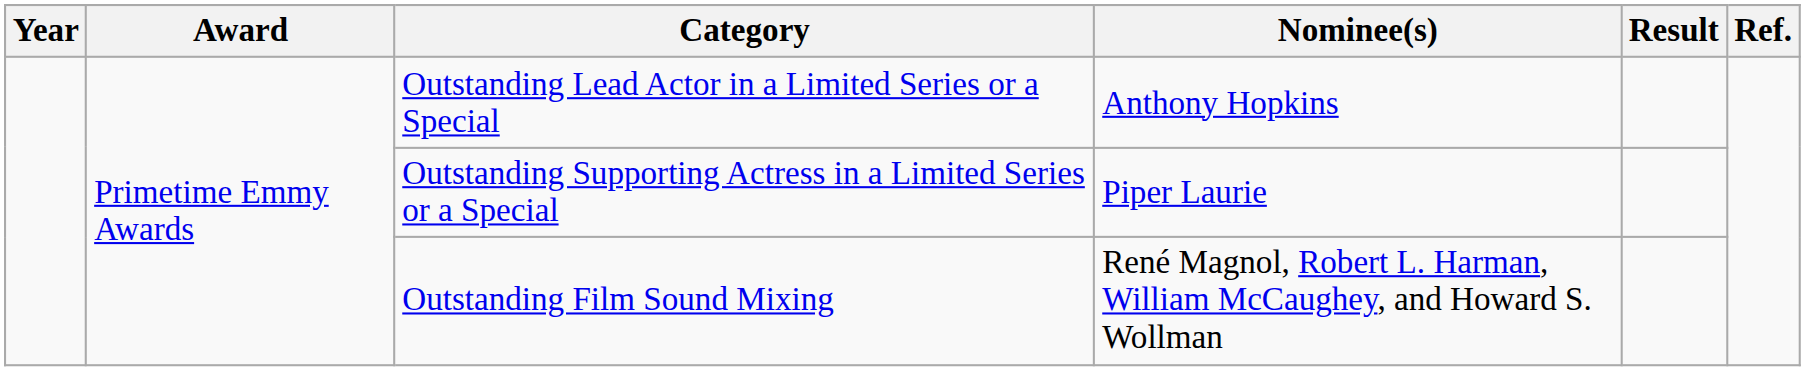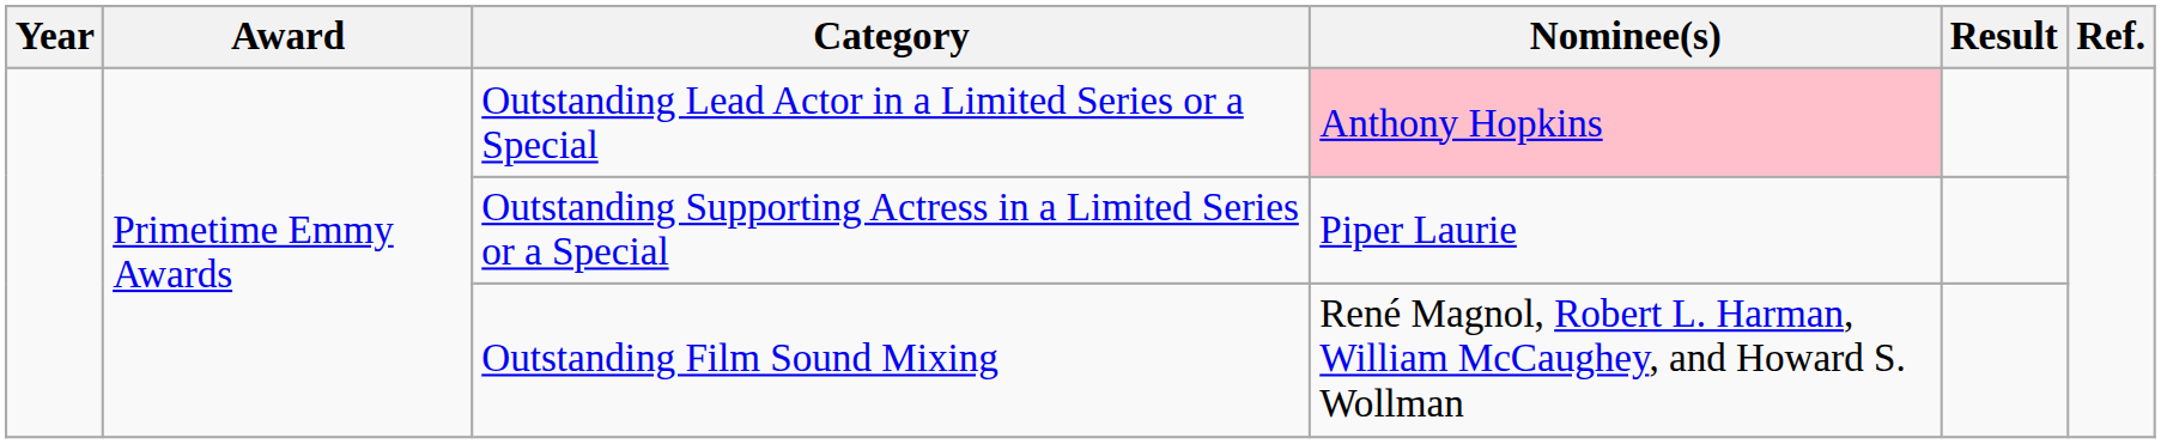 <table class="wikitable sortable">
 <tr>
 <th>Year</th>
 <th>Award</th>
 <th>Category</th>
 <th>Nominee(s)</th>
 <th>Result</th>
 <th>Ref.</th>
 </tr>
 <tr>
 <td rowspan="3"></td>
 <td rowspan="3"><a href='#'>Primetime Emmy Awards</a></td>
 <td><a href='#'>Outstanding Lead Actor in a Limited Series or a Special</a></td>
-<td><a href='#'>Anthony Hopkins</a></td>
+<td style="background: pink;"><a href='#'>Anthony Hopkins</a></td>
 <td></td>
 <td align="center" rowspan="3"></td>
 </tr>
 <tr>
 <td><a href='#'>Outstanding Supporting Actress in a Limited Series or a Special</a></td>
 <td><a href='#'>Piper Laurie</a></td>
 <td></td>
 </tr>
 <tr>
 <td><a href='#'>Outstanding Film Sound Mixing</a></td>
 <td>René Magnol, <a href='#'>Robert L. Harman</a>, <br> <a href='#'>William McCaughey</a>, and Howard S. Wollman</td>
 <td></td>
 </tr>
 </table>
